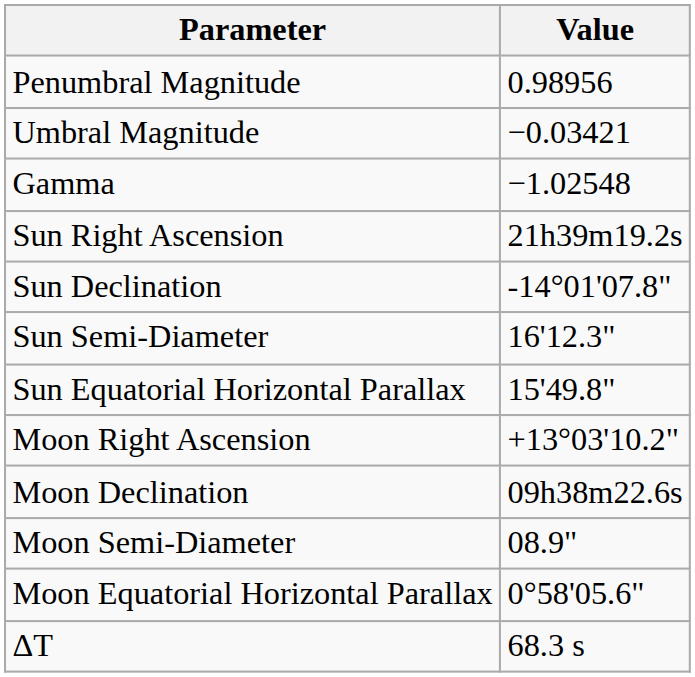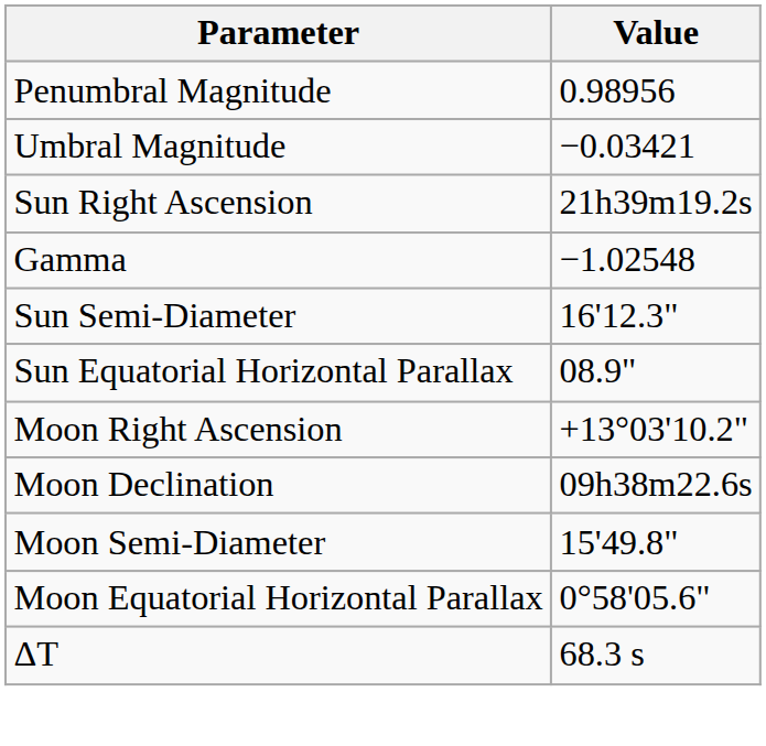 <table class="wikitable">
 <tr>
 <th>Parameter</th>
 <th>Value</th>
 </tr>
 <tr>
 <td>Penumbral Magnitude</td>
 <td>0.98956</td>
 </tr>
 <tr>
 <td>Umbral Magnitude</td>
 <td>−0.03421</td>
 </tr>
 <tr>
-<td>Gamma</td>
-<td>−1.02548</td>
-</tr>
-<tr>
 <td>Sun Right Ascension</td>
 <td>21h39m19.2s</td>
 </tr>
 <tr>
-<td>Sun Declination</td>
-<td>-14°01'07.8"</td>
+<td>Gamma</td>
+<td>−1.02548</td>
 </tr>
 <tr>
 <td>Sun Semi-Diameter</td>
 <td>16'12.3"</td>
 </tr>
 <tr>
 <td>Sun Equatorial Horizontal Parallax</td>
-<td>15'49.8"</td>
+<td>08.9"</td>
 </tr>
 <tr>
 <td>Moon Right Ascension</td>
 <td>+13°03'10.2"</td>
 </tr>
 <tr>
 <td>Moon Declination</td>
 <td>09h38m22.6s</td>
 </tr>
 <tr>
 <td>Moon Semi-Diameter</td>
-<td>08.9"</td>
+<td>15'49.8"</td>
 </tr>
 <tr>
 <td>Moon Equatorial Horizontal Parallax</td>
 <td>0°58'05.6"</td>
 </tr>
 <tr>
 <td>ΔT</td>
 <td>68.3 s</td>
 </tr>
 </table>
